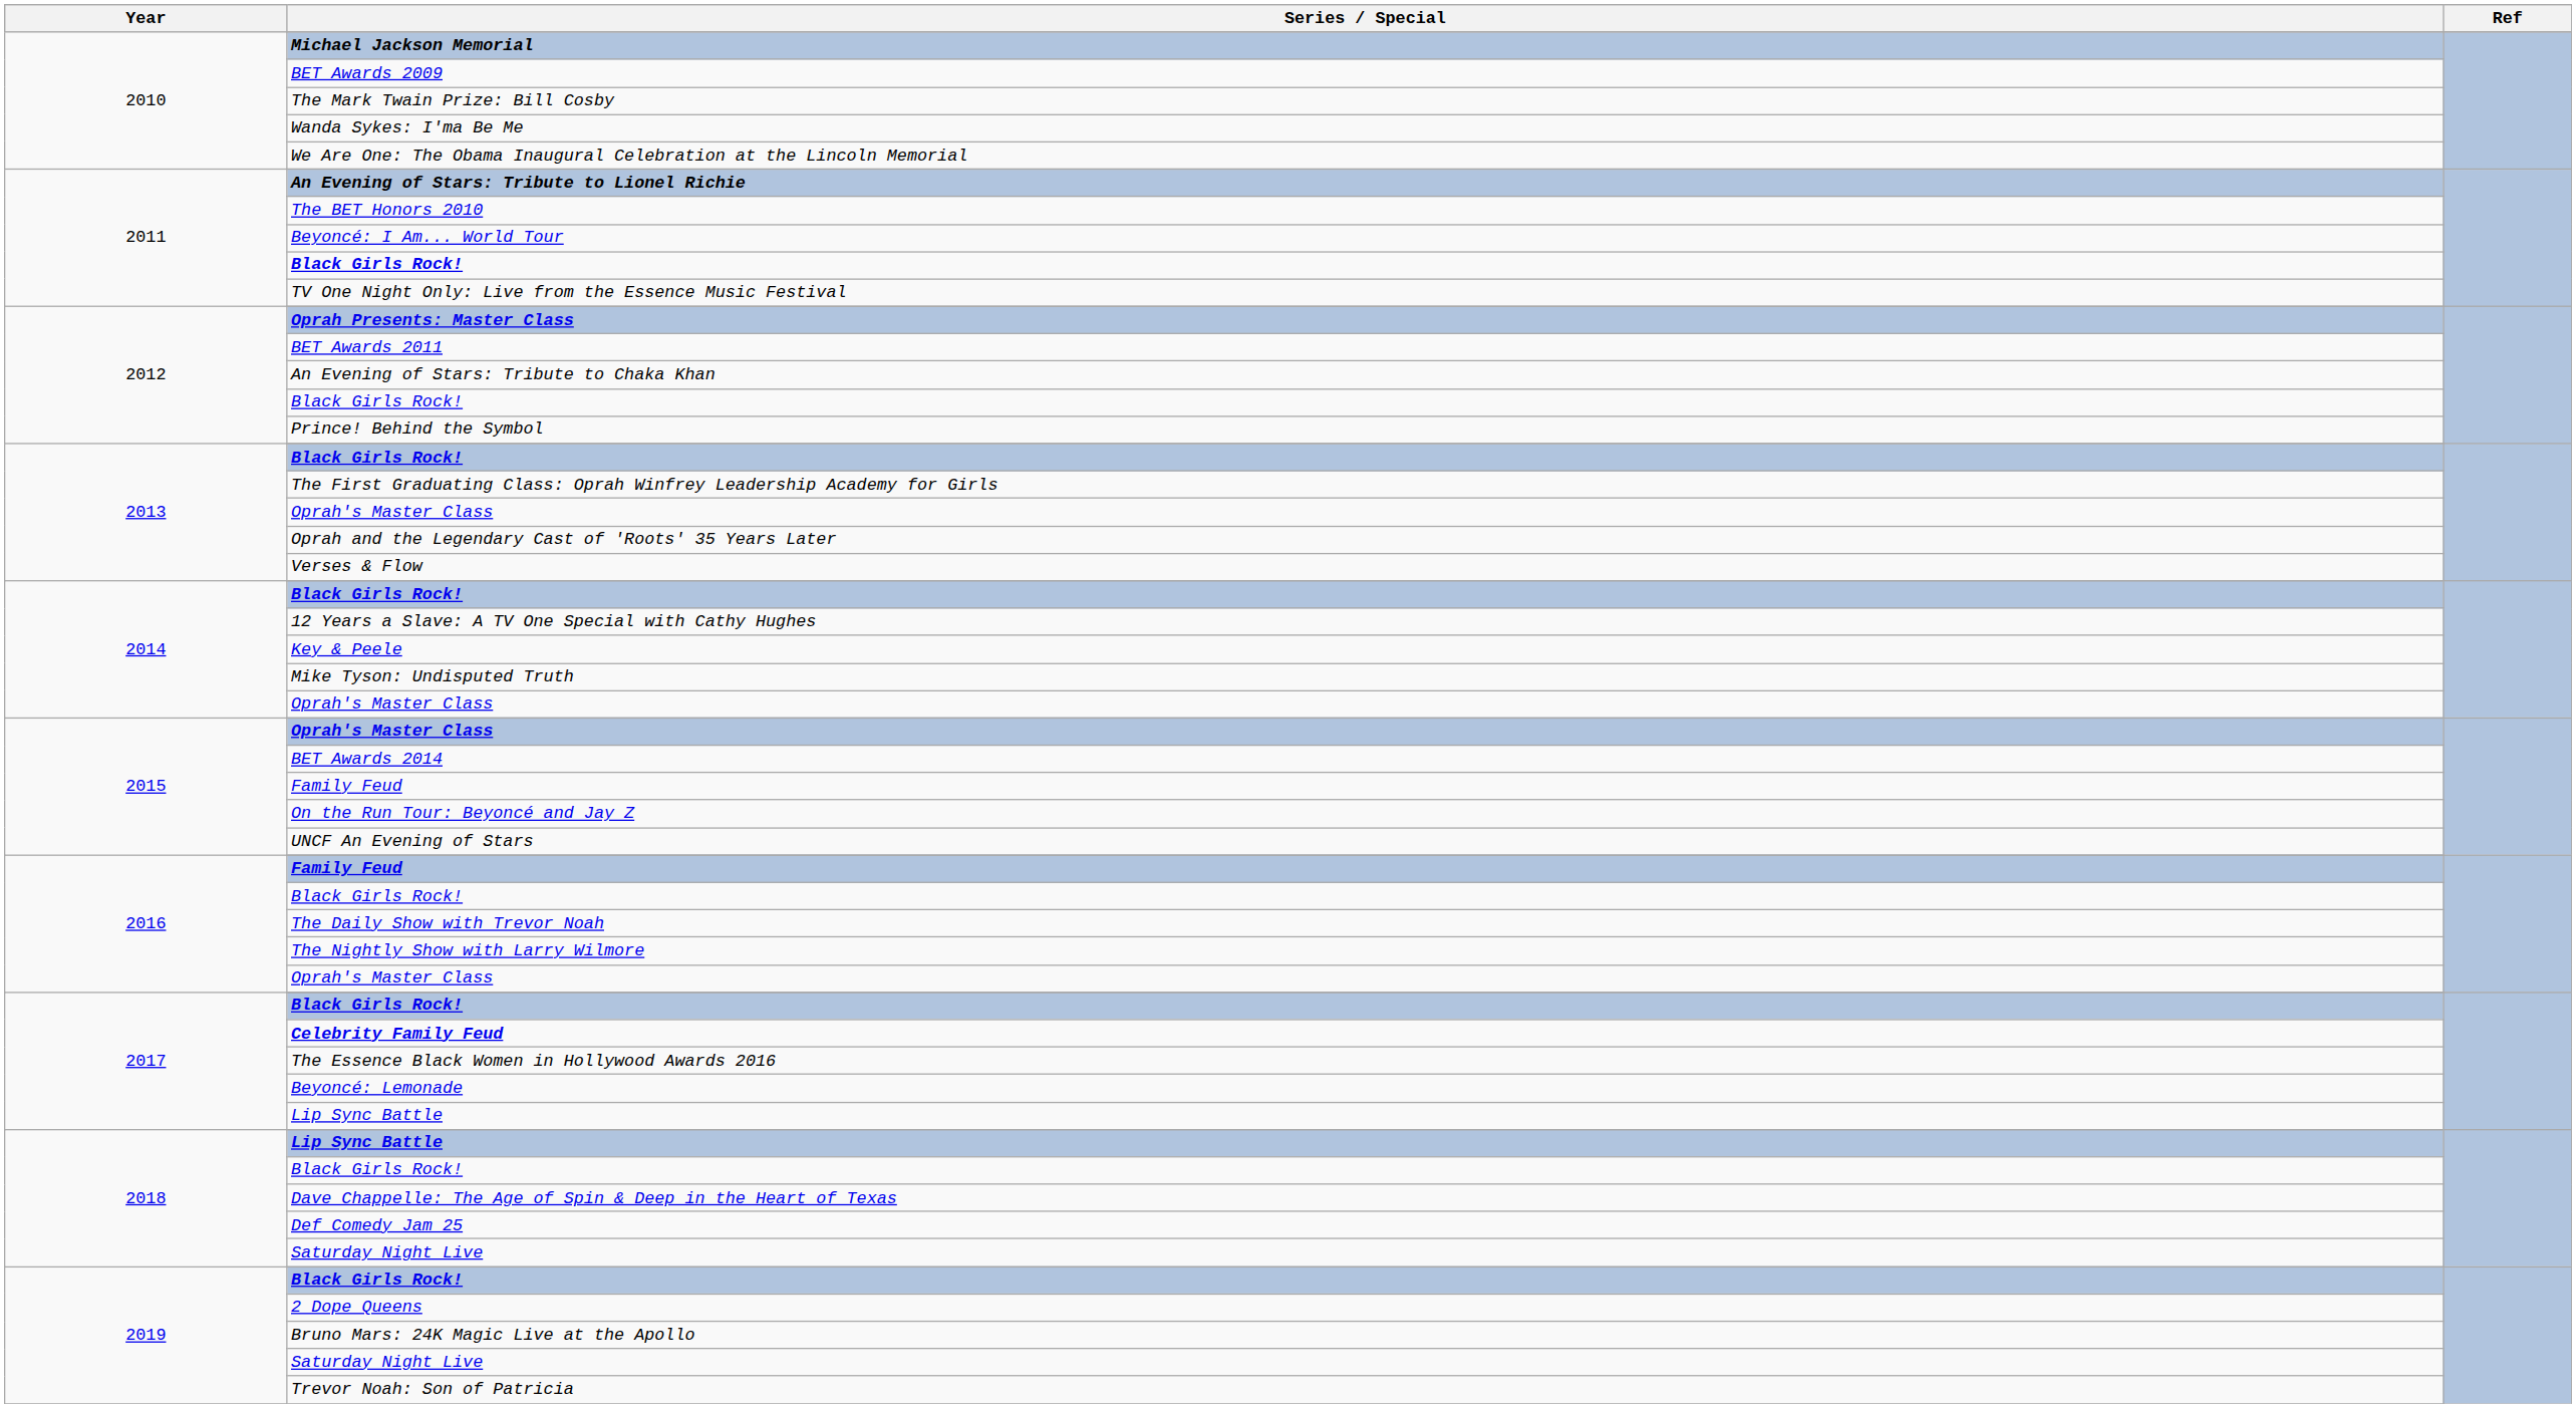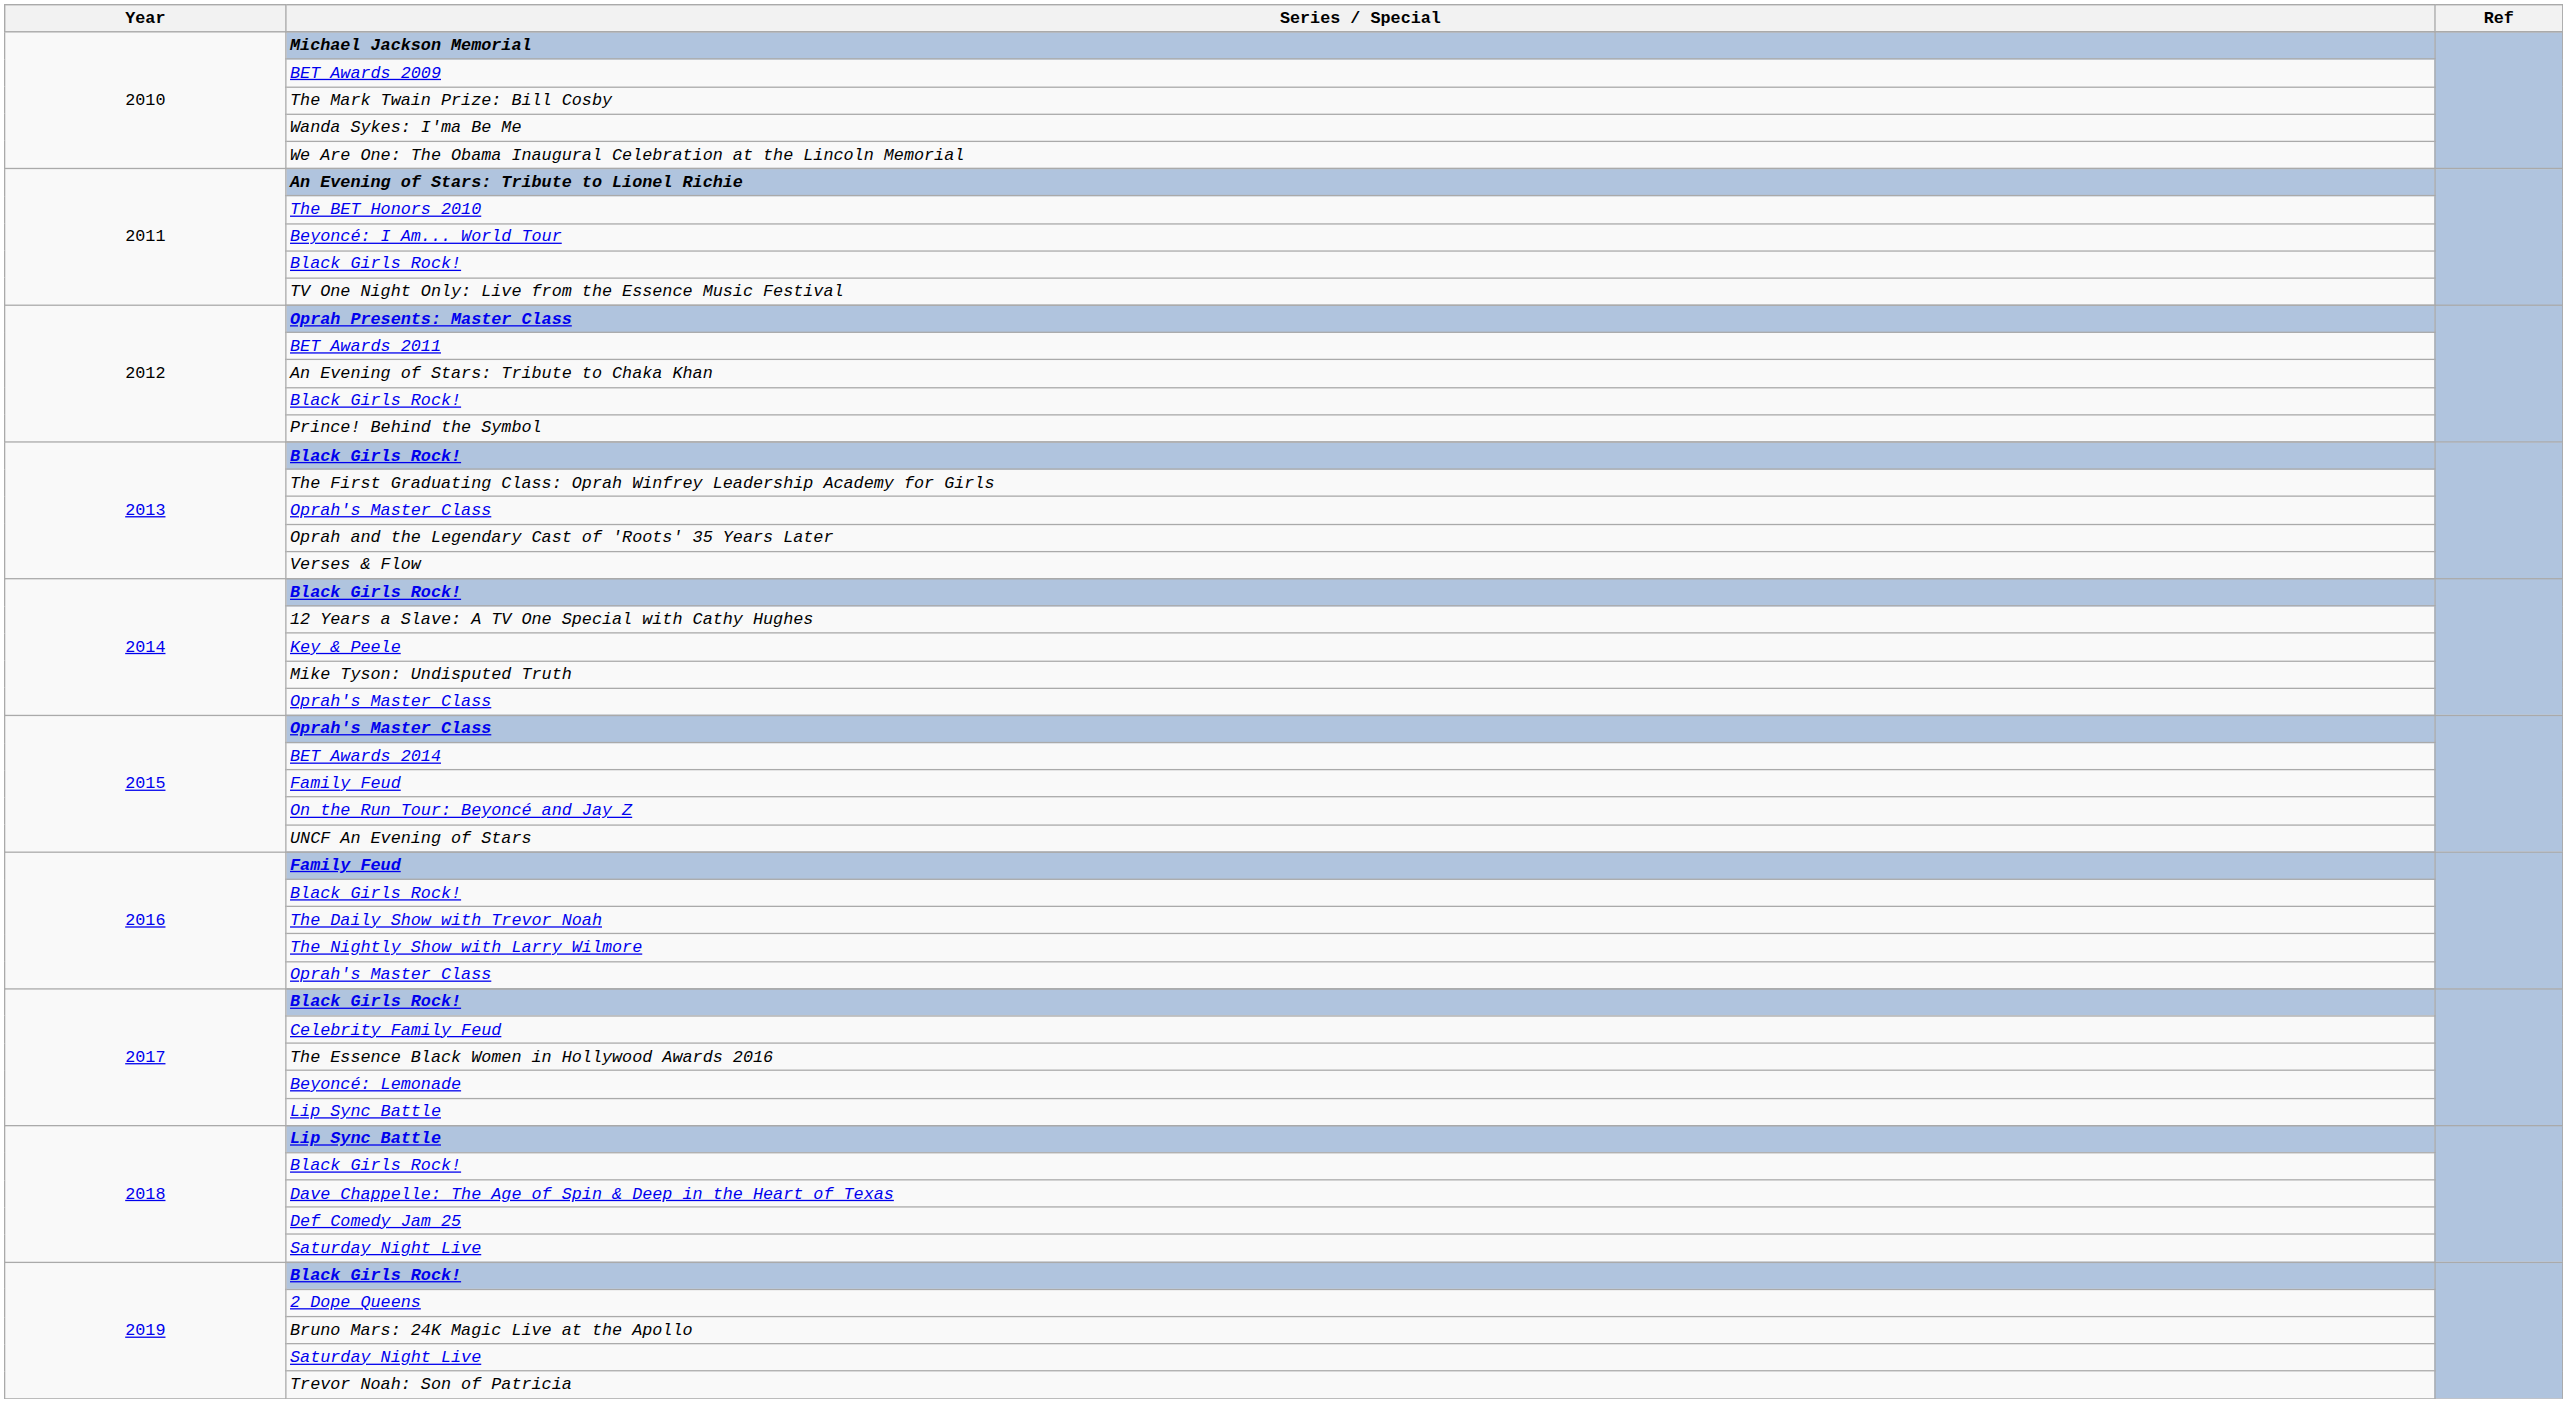 <table class="wikitable" style="width:100%;">
 <tr style="background:#bebebe;">
 <th style="width:11%;">Year</th>
 <th style="width:84%;">Series / Special</th>
 <th style="width:5%;">Ref</th>
 </tr>
 <tr>
 <td rowspan="6" align="center">2010</td>
 </tr>
 <tr style="background:#B0C4DE">
 <td><strong><em>Michael Jackson Memorial</em></strong></td>
 <td rowspan="6" align="center"></td>
 </tr>
 <tr>
 <td><em><a href='#'>BET Awards 2009</a></em></td>
 </tr>
 <tr>
 <td><em>The Mark Twain Prize: Bill Cosby</em></td>
 </tr>
 <tr>
 <td><em>Wanda Sykes: I'ma Be Me</em></td>
 </tr>
 <tr>
 <td><em>We Are One: The Obama Inaugural Celebration at the Lincoln Memorial</em></td>
 </tr>
 <tr>
 <td rowspan="6" align="center">2011</td>
 </tr>
 <tr style="background:#B0C4DE">
 <td><strong><em>An Evening of Stars: Tribute to Lionel Richie</em></strong></td>
 <td rowspan="6" align="center"></td>
 </tr>
 <tr>
 <td><em><a href='#'>The BET Honors 2010</a></em></td>
 </tr>
 <tr>
 <td><em><a href='#'>Beyoncé: I Am... World Tour</a></em></td>
 </tr>
 <tr>
-<td><strong><em><a href='#'>Black Girls Rock!</a></em></strong></td>
+<td><em><a href='#'>Black Girls Rock!</a></em></td>
 </tr>
 <tr>
 <td><em>TV One Night Only: Live from the Essence Music Festival</em></td>
 </tr>
 <tr>
 <td rowspan="6" align="center">2012</td>
 </tr>
 <tr style="background:#B0C4DE">
 <td><strong><em><a href='#'>Oprah Presents: Master Class</a></em></strong></td>
 <td rowspan="6" align="center"></td>
 </tr>
 <tr>
 <td><em><a href='#'>BET Awards 2011</a></em></td>
 </tr>
 <tr>
 <td><em>An Evening of Stars: Tribute to Chaka Khan</em></td>
 </tr>
 <tr>
 <td><em><a href='#'>Black Girls Rock!</a></em></td>
 </tr>
 <tr>
 <td><em>Prince! Behind the Symbol</em></td>
 </tr>
 <tr>
 <td rowspan="6" align="center"><a href='#'>2013</a></td>
 </tr>
 <tr style="background:#B0C4DE">
 <td><strong><em><a href='#'>Black Girls Rock!</a></em></strong></td>
 <td rowspan="6" align="center"></td>
 </tr>
 <tr>
 <td><em>The First Graduating Class: Oprah Winfrey Leadership Academy for Girls</em></td>
 </tr>
 <tr>
 <td><em><a href='#'>Oprah's Master Class</a></em></td>
 </tr>
 <tr>
 <td><em>Oprah and the Legendary Cast of 'Roots' 35 Years Later</em></td>
 </tr>
 <tr>
 <td><em>Verses & Flow</em></td>
 </tr>
 <tr>
 <td rowspan="6" align="center"><a href='#'>2014</a></td>
 </tr>
 <tr style="background:#B0C4DE">
 <td><strong><em><a href='#'>Black Girls Rock!</a></em></strong></td>
 <td rowspan="6" align="center"></td>
 </tr>
 <tr>
 <td><em>12 Years a Slave: A TV One Special with Cathy Hughes</em></td>
 </tr>
 <tr>
 <td><em><a href='#'>Key & Peele</a></em></td>
 </tr>
 <tr>
 <td><em>Mike Tyson: Undisputed Truth</em></td>
 </tr>
 <tr>
 <td><em><a href='#'>Oprah's Master Class</a></em></td>
 </tr>
 <tr>
 <td rowspan="6" align="center"><a href='#'>2015</a></td>
 </tr>
 <tr style="background:#B0C4DE">
 <td><strong><em><a href='#'>Oprah's Master Class</a></em></strong></td>
 <td rowspan="6" align="center"></td>
 </tr>
 <tr>
 <td><em><a href='#'>BET Awards 2014</a></em></td>
 </tr>
 <tr>
 <td><em><a href='#'>Family Feud</a></em></td>
 </tr>
 <tr>
 <td><em><a href='#'>On the Run Tour: Beyoncé and Jay Z</a></em></td>
 </tr>
 <tr>
 <td><em>UNCF An Evening of Stars</em></td>
 </tr>
 <tr>
 <td rowspan="6" align="center"><a href='#'>2016</a></td>
 </tr>
 <tr style="background:#B0C4DE">
 <td><strong><em><a href='#'>Family Feud</a></em></strong></td>
 <td rowspan="6" align="center"></td>
 </tr>
 <tr>
 <td><em><a href='#'>Black Girls Rock!</a></em></td>
 </tr>
 <tr>
 <td><em><a href='#'>The Daily Show with Trevor Noah</a></em></td>
 </tr>
 <tr>
 <td><em><a href='#'>The Nightly Show with Larry Wilmore</a></em></td>
 </tr>
 <tr>
 <td><em><a href='#'>Oprah's Master Class</a></em></td>
 </tr>
 <tr>
 <td rowspan="6" align="center"><a href='#'>2017</a></td>
 </tr>
 <tr style="background:#B0C4DE">
 <td><strong><em><a href='#'>Black Girls Rock!</a></em></strong></td>
 <td rowspan="6" align="center"></td>
 </tr>
 <tr>
-<td><strong><em><a href='#'>Celebrity Family Feud</a></em></strong></td>
+<td><em><a href='#'>Celebrity Family Feud</a></em></td>
 </tr>
 <tr>
 <td><em>The Essence Black Women in Hollywood Awards 2016</em></td>
 </tr>
 <tr>
 <td><em><a href='#'>Beyoncé: Lemonade</a></em></td>
 </tr>
 <tr>
 <td><em><a href='#'>Lip Sync Battle</a></em></td>
 </tr>
 <tr>
 <td rowspan="6" align="center"><a href='#'>2018</a></td>
 </tr>
 <tr style="background:#B0C4DE">
 <td><strong><em><a href='#'>Lip Sync Battle</a></em></strong></td>
 <td rowspan="6" align="center"></td>
 </tr>
 <tr>
 <td><em><a href='#'>Black Girls Rock!</a></em></td>
 </tr>
 <tr>
 <td><em><a href='#'>Dave Chappelle: The Age of Spin & Deep in the Heart of Texas</a></em></td>
 </tr>
 <tr>
 <td><em><a href='#'>Def Comedy Jam 25</a></em></td>
 </tr>
 <tr>
 <td><em><a href='#'>Saturday Night Live</a></em></td>
 </tr>
 <tr>
 <td rowspan="6" align="center"><a href='#'>2019</a></td>
 </tr>
 <tr style="background:#B0C4DE">
 <td><strong><em><a href='#'>Black Girls Rock!</a></em></strong></td>
 <td rowspan="6" align="center"></td>
 </tr>
 <tr>
 <td><em><a href='#'>2 Dope Queens</a></em></td>
 </tr>
 <tr>
 <td><em>Bruno Mars: 24K Magic Live at the Apollo</em></td>
 </tr>
 <tr>
 <td><em><a href='#'>Saturday Night Live</a></em></td>
 </tr>
 <tr>
 <td><em>Trevor Noah: Son of Patricia</em></td>
 </tr>
 <tr>
 </tr>
 </table>
